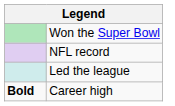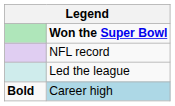 <table class="wikitable">
 <tr>
 <th colspan="2">Legend</th>
 </tr>
 <tr>
 <td style="background:#afe6ba; width:3em;"></td>
-<td>Won the <a href='#'>Super Bowl</a></td>
+<td><strong>Won the <a href='#'>Super Bowl</a></strong></td>
 </tr>
 <tr>
 <td style="background:#e0cef2; width:3em;"></td>
 <td>NFL record</td>
 </tr>
 <tr>
 <td style="background:#cfecec; width:3em;"></td>
 <td>Led the league</td>
 </tr>
 <tr>
 <td style="width:3em;"><strong>Bold</strong></td>
-<td>Career high</td>
+<td style="background: lightblue;">Career high</td>
 </tr>
 </table>
